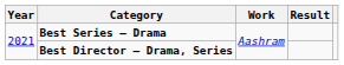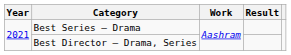 <table class="wikitable">
 <tr>
 <th>Year</th>
 <th>Category</th>
 <th>Work</th>
 <th>Result</th>
 <th></th>
 </tr>
 <tr>
 <td Rowspan=2><a href='#'>2021</a></td>
-<td><strong>Best Series – Drama</strong></td>
+<td>Best Series – Drama</td>
 <td rowspan=2><em><a href='#'>Aashram</a></em></td>
 <td></td>
 <td style="text-align:center;" rowspan=2></td>
 </tr>
 <tr>
-<td><strong>Best Director – Drama, Series</strong></td>
+<td>Best Director – Drama, Series</td>
 <td></td>
 </tr>
 </table>
